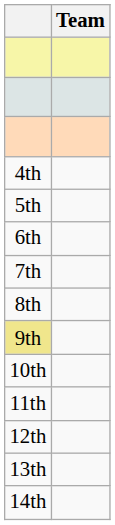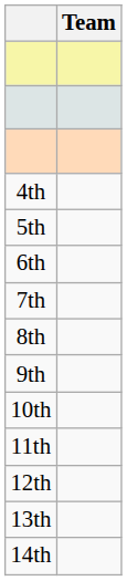 <table class="wikitable sortable" style="text-align:center">
 <tr>
 <th width=15></th>
 <th>Team</th>
 </tr>
 <tr bgcolor="#F7F6A8">
 <td align="center" style="height:23px"></td>
 <td align=left></td>
 </tr>
 <tr bgcolor="#DCE5E5">
 <td align="center" style="height:23px"></td>
 <td align=left></td>
 </tr>
 <tr bgcolor="#FFDAB9">
 <td align="center" style="height:23px"></td>
 <td align=left></td>
 </tr>
 <tr>
 <td>4th</td>
 <td align=left></td>
 </tr>
 <tr>
 <td>5th</td>
 <td align=left></td>
 </tr>
 <tr>
 <td>6th</td>
 <td align=left></td>
 </tr>
 <tr>
 <td>7th</td>
 <td align=left></td>
 </tr>
 <tr>
 <td>8th</td>
 <td align=left></td>
 </tr>
 <tr>
-<td style="background: khaki;">9th</td>
+<td>9th</td>
 <td align=left></td>
 </tr>
 <tr>
 <td>10th</td>
 <td align=left></td>
 </tr>
 <tr>
 <td>11th</td>
 <td align=left></td>
 </tr>
 <tr>
 <td>12th</td>
 <td align=left></td>
 </tr>
 <tr>
 <td>13th</td>
 <td align=left></td>
 </tr>
 <tr>
 <td>14th</td>
 <td align=left></td>
 </tr>
 </table>
